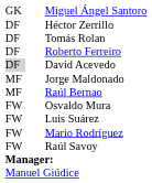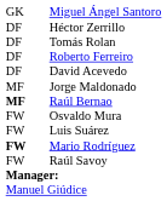 <table cellspacing="0" cellpadding="0" style="font-size:90%; margin:0.2em auto;">
 <tr>
 <th width="25"></th>
 <th width="25"></th>
 </tr>
 <tr>
 <td>GK</td>
 <td></td>
 <td> <a href='#'>Miguel Ángel Santoro</a></td>
 </tr>
 <tr>
 <td>DF</td>
 <td></td>
 <td> Héctor Zerrillo</td>
 </tr>
 <tr>
 <td>DF</td>
 <td></td>
 <td> Tomás Rolan</td>
 </tr>
 <tr>
 <td>DF</td>
 <td></td>
 <td> <a href='#'>Roberto Ferreiro</a></td>
 </tr>
 <tr>
-<td style="background: lightgrey;">DF</td>
+<td>DF</td>
 <td></td>
 <td> David Acevedo</td>
 </tr>
 <tr>
 <td>MF</td>
 <td></td>
 <td> Jorge Maldonado</td>
 </tr>
 <tr>
-<td>MF</td>
+<td><strong>MF</strong></td>
 <td></td>
 <td> <a href='#'>Raúl Bernao</a></td>
 </tr>
 <tr>
 <td>FW</td>
 <td></td>
 <td> Osvaldo Mura</td>
 </tr>
 <tr>
 <td>FW</td>
 <td></td>
 <td> Luis Suárez</td>
 </tr>
 <tr>
-<td>FW</td>
+<td><strong>FW</strong></td>
 <td></td>
 <td> <a href='#'>Mario Rodríguez</a></td>
 </tr>
 <tr>
 <td>FW</td>
 <td></td>
 <td> Raúl Savoy</td>
 </tr>
 <tr>
 <td colspan=3><strong>Manager:</strong></td>
 </tr>
 <tr>
 <td colspan=4> <a href='#'>Manuel Giúdice</a></td>
 </tr>
 </table>
